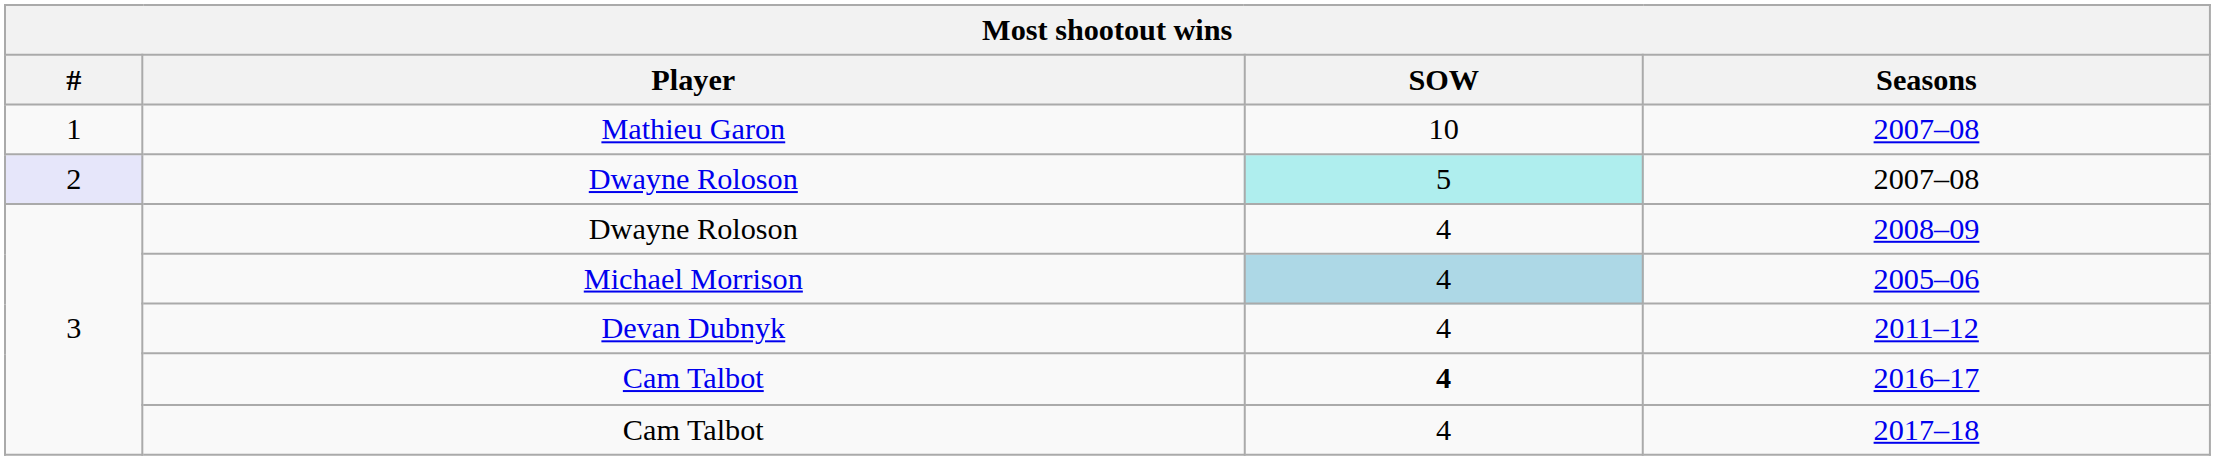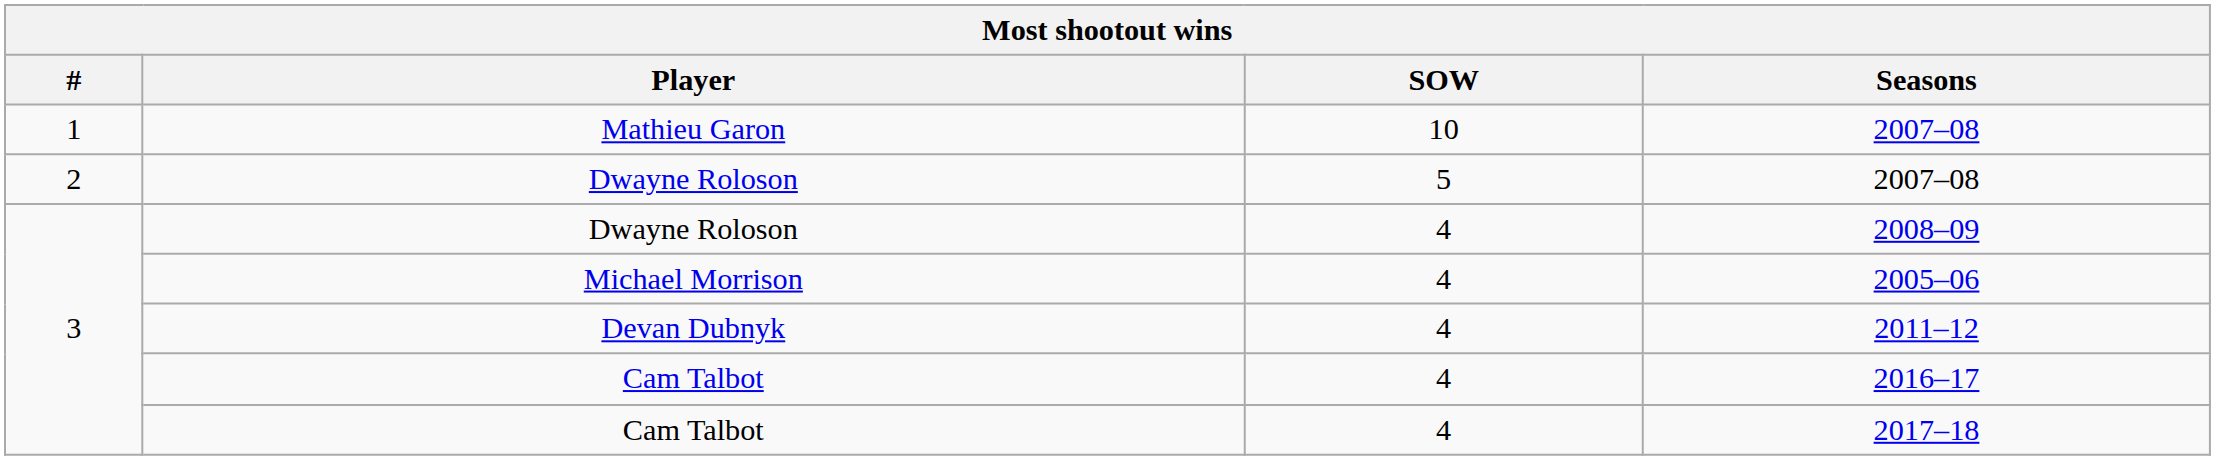 <table class="wikitable" style="text-align: center; font-size: 95%" width="70%">
 <tr>
 <th colspan="4">Most shootout wins</th>
 </tr>
 <tr>
 <th>#</th>
 <th>Player</th>
 <th>SOW</th>
 <th>Seasons</th>
 </tr>
 <tr>
 <td>1</td>
 <td><a href='#'>Mathieu Garon</a></td>
 <td>10</td>
 <td><a href='#'>2007–08</a></td>
 </tr>
 <tr>
-<td style="background: lavender;">2</td>
+<td>2</td>
 <td><a href='#'>Dwayne Roloson</a></td>
-<td style="background: paleturquoise;">5</td>
+<td>5</td>
 <td>2007–08</td>
 </tr>
 <tr>
 <td rowspan="5">3</td>
 <td>Dwayne Roloson</td>
 <td>4</td>
 <td><a href='#'>2008–09</a></td>
 </tr>
 <tr>
 <td><a href='#'>Michael Morrison</a></td>
-<td style="background: lightblue;">4</td>
+<td>4</td>
 <td><a href='#'>2005–06</a></td>
 </tr>
 <tr>
 <td><a href='#'>Devan Dubnyk</a></td>
 <td>4</td>
 <td><a href='#'>2011–12</a></td>
 </tr>
 <tr>
 <td><a href='#'>Cam Talbot</a></td>
-<td><strong>4</strong></td>
+<td>4</td>
 <td><a href='#'>2016–17</a></td>
 </tr>
 <tr>
 <td>Cam Talbot</td>
 <td>4</td>
 <td><a href='#'>2017–18</a></td>
 </tr>
 </table>
